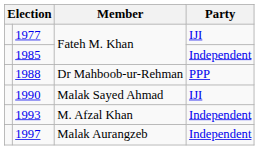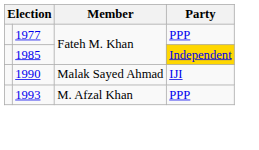 <table class="wikitable">
 <tr>
 <th colspan="2">Election</th>
 <th>Member</th>
 <th>Party</th>
 </tr>
 <tr>
 <td style="background-color: "></td>
 <td><a href='#'>1977</a></td>
 <td rowspan=2>Fateh M. Khan</td>
-<td><a href='#'>IJI</a></td>
+<td><a href='#'>PPP</a></td>
 </tr>
 <tr>
 <td style="background-color: "></td>
 <td><a href='#'>1985</a></td>
-<td><a href='#'>Independent</a></td>
-</tr>
-<tr>
-<td style="background-color: "></td>
-<td><a href='#'>1988</a></td>
-<td>Dr Mahboob-ur-Rehman</td>
-<td><a href='#'>PPP</a></td>
+<td style="background: gold;"><a href='#'>Independent</a></td>
 </tr>
 <tr>
 <td style="background-color: "></td>
 <td><a href='#'>1990</a></td>
 <td>Malak Sayed Ahmad</td>
 <td><a href='#'>IJI</a></td>
 </tr>
 <tr>
 <td style="background-color: "></td>
 <td><a href='#'>1993</a></td>
 <td>M. Afzal Khan</td>
-<td><a href='#'>Independent</a></td>
-</tr>
-<tr>
-<td style="background-color: "></td>
-<td><a href='#'>1997</a></td>
-<td>Malak Aurangzeb</td>
-<td><a href='#'>Independent</a></td>
+<td><a href='#'>PPP</a></td>
 </tr>
 </table>
